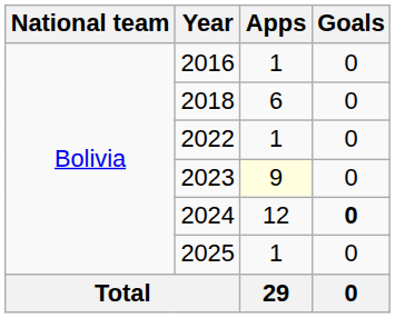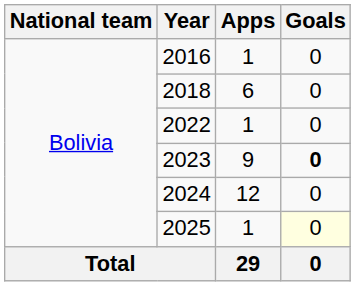 <table class="wikitable" style="text-align:center">
 <tr>
 <th>National team</th>
 <th>Year</th>
 <th>Apps</th>
 <th>Goals</th>
 </tr>
 <tr>
 <td rowspan="6"><a href='#'>Bolivia</a></td>
 <td>2016</td>
 <td>1</td>
 <td>0</td>
 </tr>
 <tr>
 <td>2018</td>
 <td>6</td>
 <td>0</td>
 </tr>
 <tr>
 <td>2022</td>
 <td>1</td>
 <td>0</td>
 </tr>
 <tr>
 <td>2023</td>
-<td style="background: lightyellow;">9</td>
-<td>0</td>
+<td>9</td>
+<td><strong>0</strong></td>
 </tr>
 <tr>
 <td>2024</td>
 <td>12</td>
-<td><strong>0</strong></td>
+<td>0</td>
 </tr>
 <tr>
 <td>2025</td>
 <td>1</td>
-<td>0</td>
+<td style="background: lightyellow;">0</td>
 </tr>
 <tr>
 <th colspan="2">Total</th>
 <th>29</th>
 <th>0</th>
 </tr>
 </table>
